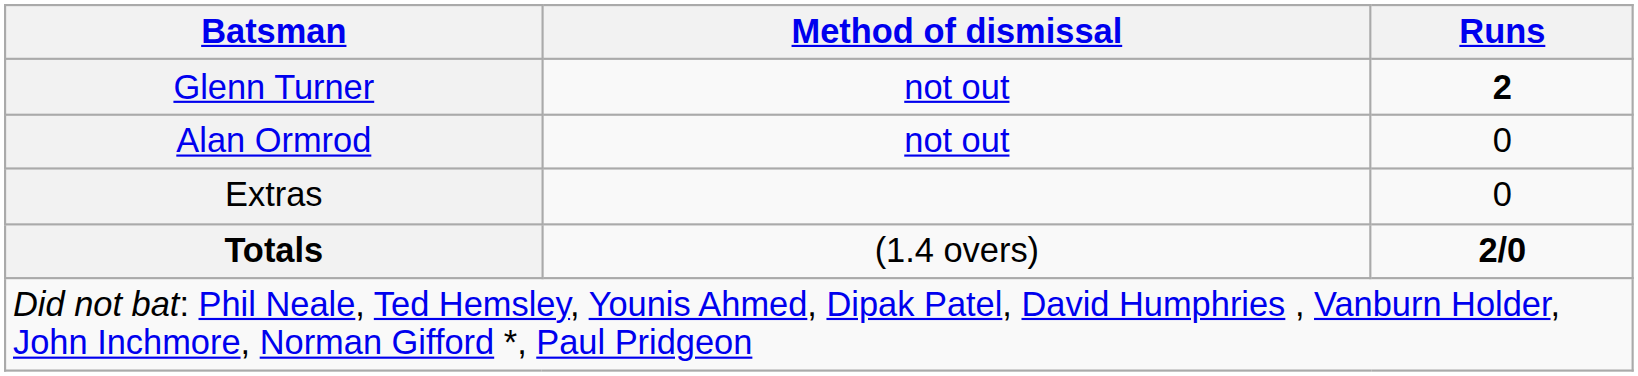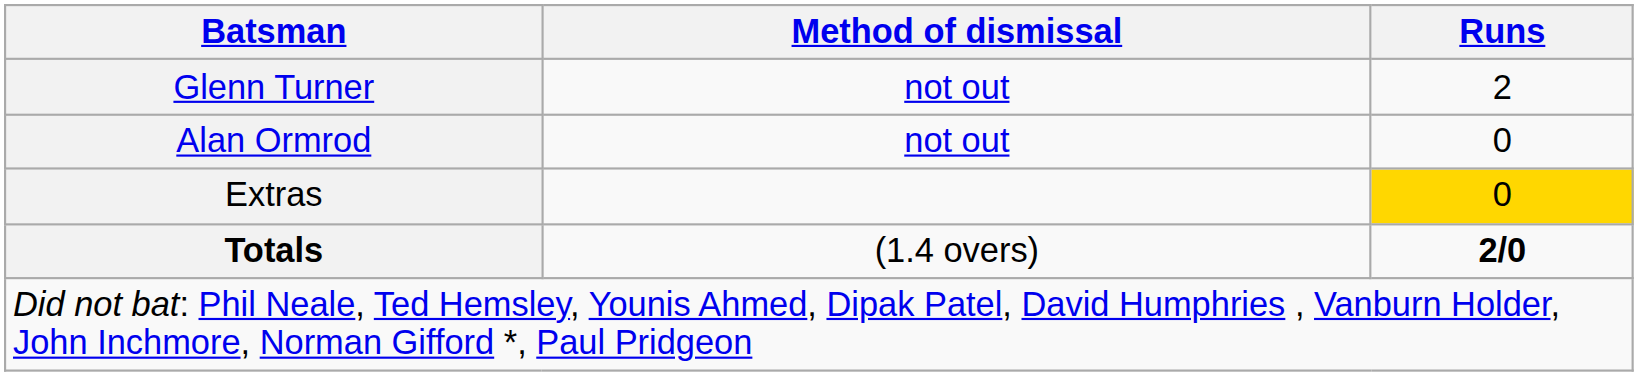 <table border="1" cellpadding="1" cellspacing="0" style="border: gray solid 1px; border-collapse: collapse; text-align: center; width: 60%;" class=wikitable>
 <tr>
 <th scope="col"><a href='#'>Batsman</a></th>
 <th scope="col"><a href='#'>Method of dismissal</a></th>
 <th scope="col"><a href='#'>Runs</a></th>
 </tr>
 <tr>
 <th scope="row" style="font-weight: normal;"><a href='#'>Glenn Turner</a></th>
 <td><a href='#'>not out</a></td>
-<td><strong>2</strong></td>
+<td>2</td>
 </tr>
 <tr>
 <th scope="row" style="font-weight: normal;"><a href='#'>Alan Ormrod</a></th>
 <td><a href='#'>not out</a></td>
 <td>0</td>
 </tr>
 <tr>
 <th scope="row" style="font-weight: normal;">Extras</th>
 <td></td>
-<td>0</td>
+<td style="background: gold;">0</td>
 </tr>
 <tr>
 <th scope="row" style="font-weight: normal;"><strong>Totals</strong></th>
 <td>(1.4 overs)</td>
 <td><strong>2/0</strong></td>
 </tr>
 <tr align="left">
 <td colspan="3"><em>Did not bat</em>: <a href='#'>Phil Neale</a>, <a href='#'>Ted Hemsley</a>, <a href='#'>Younis Ahmed</a>, <a href='#'>Dipak Patel</a>, <a href='#'>David Humphries</a> , <a href='#'>Vanburn Holder</a>, <a href='#'>John Inchmore</a>, <a href='#'>Norman Gifford</a> *, <a href='#'>Paul Pridgeon</a></td>
 </tr>
 </table>
